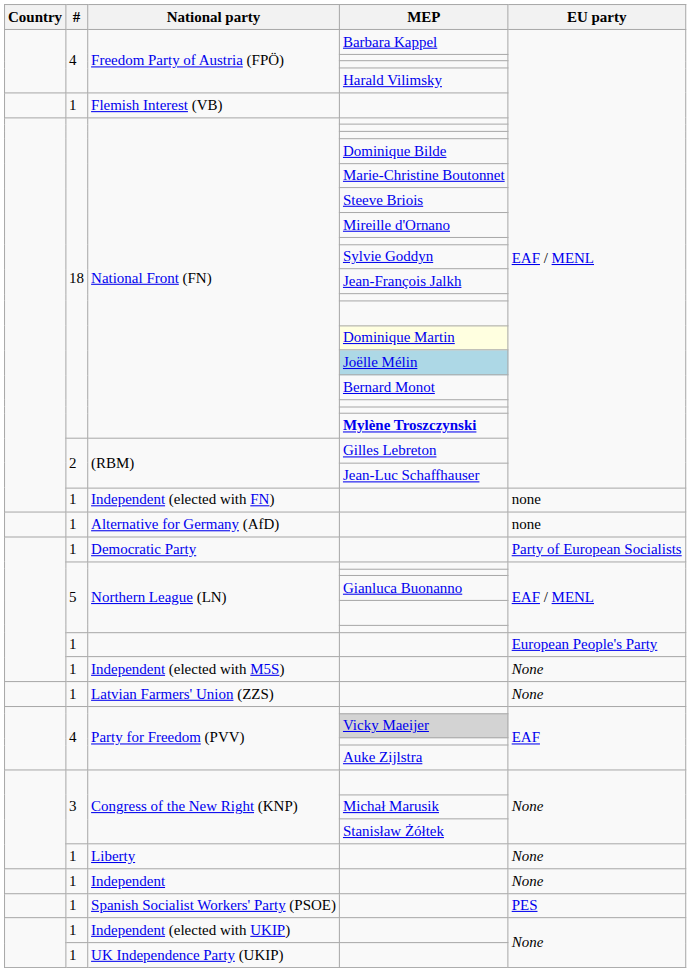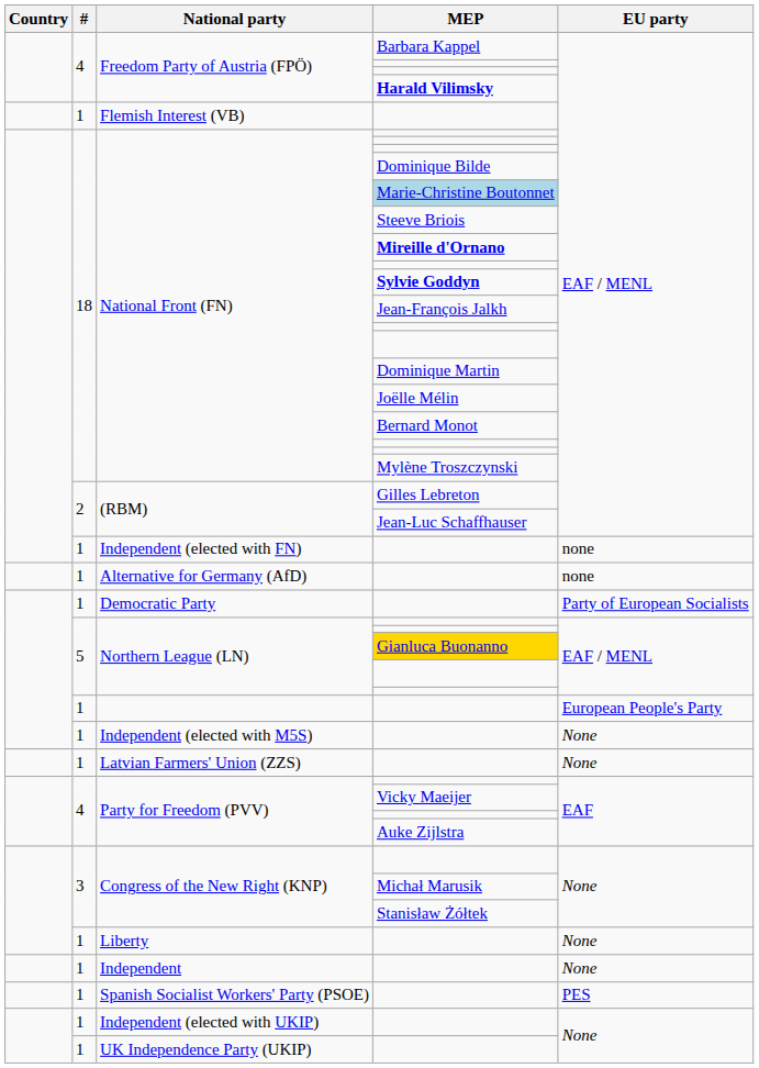 <table class="wikitable sortable mw-collapsible mw-collapsed" style="font-size:90%">
 <tr>
 <th>Country</th>
 <th>#</th>
 <th>National party</th>
 <th>MEP</th>
 <th>EU party</th>
 </tr>
 <tr>
 <td rowspan=4></td>
 <td rowspan=4>4</td>
 <td rowspan=4><a href='#'>Freedom Party of Austria</a> (FPÖ)<br><em></em></td>
 <td><a href='#'>Barbara Kappel</a></td>
 <td rowspan=25><a href='#'>EAF</a> / <a href='#'>MENL</a></td>
 </tr>
 <tr>
 <td></td>
 </tr>
 <tr>
 <td></td>
 </tr>
 <tr>
-<td><a href='#'>Harald Vilimsky</a></td>
+<td><strong><a href='#'>Harald Vilimsky</a></strong></td>
 </tr>
 <tr>
 <td></td>
 <td>1</td>
 <td><a href='#'>Flemish Interest</a> (VB)<br><em></em></td>
 <td></td>
 </tr>
 <tr>
 <td rowspan=21></td>
 <td rowspan=18>18</td>
 <td rowspan=18><a href='#'>National Front</a> (FN)<br><em></em></td>
 <td></td>
 </tr>
 <tr>
 <td></td>
 </tr>
 <tr>
 <td></td>
 </tr>
 <tr>
 <td><a href='#'>Dominique Bilde</a></td>
 </tr>
 <tr>
-<td><a href='#'>Marie-Christine Boutonnet</a></td>
+<td style="background: lightblue;"><a href='#'>Marie-Christine Boutonnet</a></td>
 </tr>
 <tr>
 <td><a href='#'>Steeve Briois</a></td>
 </tr>
 <tr>
-<td><a href='#'>Mireille d'Ornano</a></td>
+<td><strong><a href='#'>Mireille d'Ornano</a></strong></td>
 </tr>
 <tr>
 <td></td>
 </tr>
 <tr>
-<td><a href='#'>Sylvie Goddyn</a></td>
+<td><strong><a href='#'>Sylvie Goddyn</a></strong></td>
 </tr>
 <tr>
 <td><a href='#'>Jean-François Jalkh</a></td>
 </tr>
 <tr>
 <td></td>
 </tr>
 <tr>
 <td><br></td>
 </tr>
 <tr>
-<td style="background: lightyellow;"><a href='#'>Dominique Martin</a></td>
+<td><a href='#'>Dominique Martin</a></td>
 </tr>
 <tr>
-<td style="background: lightblue;"><a href='#'>Joëlle Mélin</a></td>
+<td><a href='#'>Joëlle Mélin</a></td>
 </tr>
 <tr>
 <td><a href='#'>Bernard Monot</a></td>
 </tr>
 <tr>
 <td></td>
 </tr>
 <tr>
 <td></td>
 </tr>
 <tr>
-<td><strong><a href='#'>Mylène Troszczynski</a></strong></td>
+<td><a href='#'>Mylène Troszczynski</a></td>
 </tr>
 <tr>
 <td rowspan=2>2</td>
 <td rowspan=2> (RBM)<br><em></em></td>
 <td><a href='#'>Gilles Lebreton</a></td>
 </tr>
 <tr>
 <td><a href='#'>Jean-Luc Schaffhauser</a></td>
 </tr>
 <tr>
 <td rowspan=1>1</td>
 <td rowspan=1><a href='#'>Independent</a> (elected with <a href='#'>FN</a>)</td>
 <td><br></td>
 <td rowspan=1>none</td>
 </tr>
 <tr>
 <td></td>
 <td>1</td>
 <td><a href='#'>Alternative for Germany</a> (AfD)<br><em></em></td>
 <td><br></td>
 <td rowspan=1>none</td>
 </tr>
 <tr>
 <td rowspan=8></td>
 <td>1</td>
 <td><a href='#'>Democratic Party</a></td>
 <td><br></td>
 <td><a href='#'>Party of European Socialists</a></td>
 </tr>
 <tr>
 <td rowspan=5>5</td>
 <td rowspan=5><a href='#'>Northern League</a> (LN)<br><em></em></td>
 <td></td>
 <td rowspan=5><a href='#'>EAF</a> / <a href='#'>MENL</a></td>
 </tr>
 <tr>
 <td></td>
 </tr>
 <tr>
-<td><a href='#'>Gianluca Buonanno</a></td>
+<td style="background: gold;"><a href='#'>Gianluca Buonanno</a></td>
 </tr>
 <tr>
 <td><br></td>
 </tr>
 <tr>
 <td></td>
 </tr>
 <tr>
 <td>1</td>
 <td></td>
 <td><br></td>
 <td><a href='#'>European People's Party</a></td>
 </tr>
 <tr>
 <td rowspan=1>1</td>
 <td rowspan=1><a href='#'>Independent</a> (elected with <a href='#'>M5S</a>)</td>
 <td><br></td>
 <td rowspan=1><em>None</em></td>
 </tr>
 <tr>
 <td></td>
 <td>1</td>
 <td><a href='#'>Latvian Farmers' Union</a> (ZZS)<br><em></em></td>
 <td><br></td>
 <td><em>None</em></td>
 </tr>
 <tr>
 <td rowspan=4></td>
 <td rowspan=4>4</td>
 <td rowspan=4><a href='#'>Party for Freedom</a> (PVV)<br><em></em></td>
 <td></td>
 <td rowspan=4><a href='#'>EAF</a></td>
 </tr>
 <tr>
-<td style="background: lightgrey;"><a href='#'>Vicky Maeijer</a></td>
+<td><a href='#'>Vicky Maeijer</a></td>
 </tr>
 <tr>
 <td></td>
 </tr>
 <tr>
 <td><a href='#'>Auke Zijlstra</a><br></td>
 </tr>
 <tr>
 <td rowspan=4></td>
 <td rowspan=3>3</td>
 <td rowspan=3><a href='#'>Congress of the New Right</a> (KNP)<br><em></em></td>
 <td><br></td>
 <td rowspan=3><em>None</em></td>
 </tr>
 <tr>
 <td><a href='#'>Michał Marusik</a></td>
 </tr>
 <tr>
 <td><a href='#'>Stanisław Żółtek</a></td>
 </tr>
 <tr>
 <td>1</td>
 <td><a href='#'>Liberty</a><br><em></em></td>
 <td><br></td>
 <td><em>None</em></td>
 </tr>
 <tr>
 <td></td>
 <td>1</td>
 <td><a href='#'>Independent</a></td>
 <td></td>
 <td><em>None</em></td>
 </tr>
 <tr>
 <td></td>
 <td>1</td>
 <td><a href='#'>Spanish Socialist Workers' Party</a> (PSOE)<br><em></em></td>
 <td><br></td>
 <td><a href='#'>PES</a></td>
 </tr>
 <tr>
 <td rowspan=2></td>
 <td>1</td>
 <td><a href='#'>Independent</a> (elected with <a href='#'>UKIP</a>)</td>
 <td><br></td>
 <td rowspan=2><em>None</em></td>
 </tr>
 <tr>
 <td>1</td>
 <td><a href='#'>UK Independence Party</a> (UKIP)</td>
 <td><br></td>
 </tr>
 </table>
